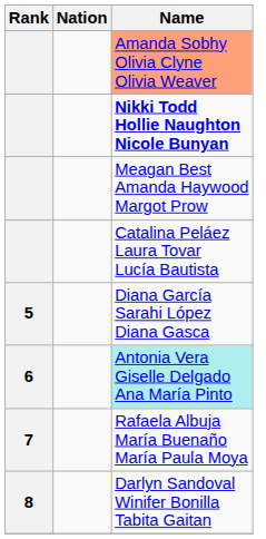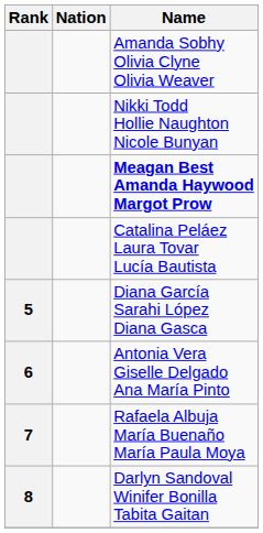 <table class="wikitable sortable" style="text-align:center">
 <tr>
 <th>Rank</th>
 <th>Nation</th>
 <th>Name</th>
 </tr>
 <tr>
 <th></th>
 <td align=left></td>
-<td align=left style="background: lightsalmon;"><a href='#'>Amanda Sobhy</a><br><a href='#'>Olivia Clyne</a><br><a href='#'>Olivia Weaver</a></td>
+<td align=left><a href='#'>Amanda Sobhy</a><br><a href='#'>Olivia Clyne</a><br><a href='#'>Olivia Weaver</a></td>
 </tr>
 <tr>
 <th></th>
 <td align=left></td>
-<td align=left><strong><a href='#'>Nikki Todd</a><br><a href='#'>Hollie Naughton</a><br><a href='#'>Nicole Bunyan</a></strong></td>
+<td align=left><a href='#'>Nikki Todd</a><br><a href='#'>Hollie Naughton</a><br><a href='#'>Nicole Bunyan</a></td>
 </tr>
 <tr>
 <th></th>
 <td align=left></td>
-<td align=left><a href='#'>Meagan Best</a><br><a href='#'>Amanda Haywood</a><br><a href='#'>Margot Prow</a></td>
+<td align=left><strong><a href='#'>Meagan Best</a><br><a href='#'>Amanda Haywood</a><br><a href='#'>Margot Prow</a></strong></td>
 </tr>
 <tr>
 <th></th>
 <td align=left></td>
 <td align=left><a href='#'>Catalina Peláez</a><br><a href='#'>Laura Tovar</a><br><a href='#'>Lucía Bautista</a></td>
 </tr>
 <tr>
 <th>5</th>
 <td align=left></td>
 <td align=left><a href='#'>Diana García</a><br><a href='#'>Sarahi López</a><br><a href='#'>Diana Gasca</a></td>
 </tr>
 <tr>
 <th>6</th>
 <td align=left></td>
-<td align=left style="background: paleturquoise;"><a href='#'>Antonia Vera</a><br><a href='#'>Giselle Delgado</a><br><a href='#'>Ana María Pinto</a></td>
+<td align=left><a href='#'>Antonia Vera</a><br><a href='#'>Giselle Delgado</a><br><a href='#'>Ana María Pinto</a></td>
 </tr>
 <tr>
 <th>7</th>
 <td align=left></td>
 <td align=left><a href='#'>Rafaela Albuja</a><br><a href='#'>María Buenaño</a><br><a href='#'>María Paula Moya</a></td>
 </tr>
 <tr>
 <th>8</th>
 <td align=left></td>
 <td align=left><a href='#'>Darlyn Sandoval</a><br><a href='#'>Winifer Bonilla</a><br><a href='#'>Tabita Gaitan</a></td>
 </tr>
 <tr>
 </tr>
 </table>
